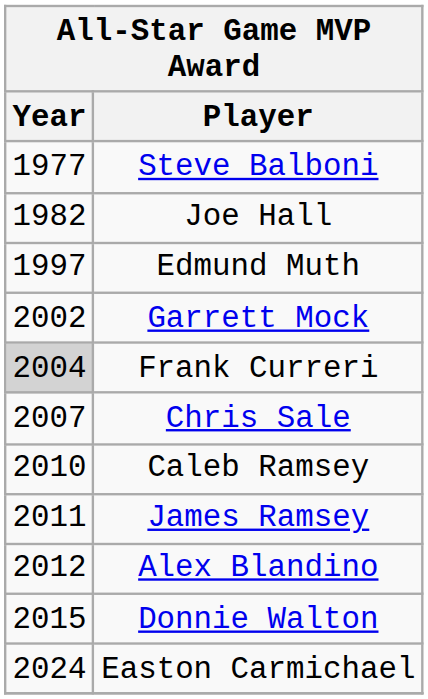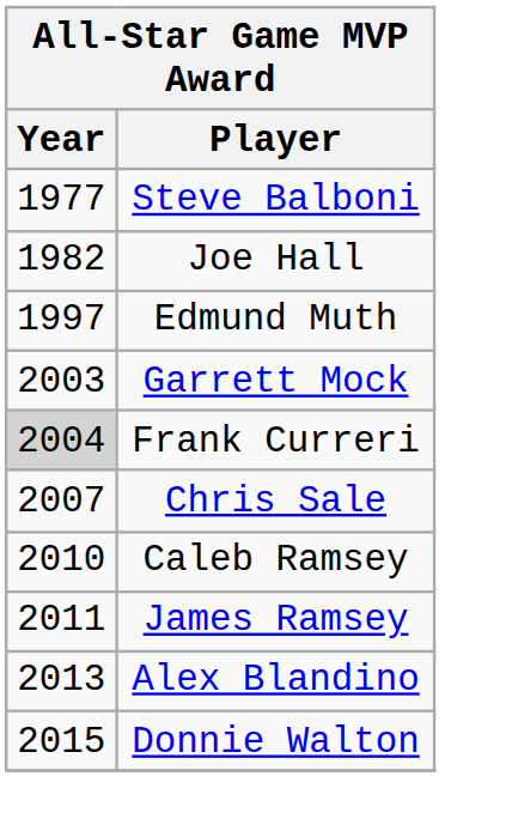 <table class="wikitable" style="display: inline-table; margin-right: 20px; text-align:center">
 <tr>
 <th scope="col" colspan="2" style="width: 145px;">All-Star Game MVP Award</th>
 </tr>
 <tr>
 <th scope="col">Year</th>
 <th scope="col">Player</th>
 </tr>
 <tr>
 <td>1977</td>
 <td><a href='#'>Steve Balboni</a></td>
 </tr>
 <tr>
 <td>1982</td>
 <td>Joe Hall</td>
 </tr>
 <tr>
 <td>1997</td>
 <td>Edmund Muth</td>
 </tr>
 <tr>
-<td>2002</td>
+<td>2003</td>
 <td><a href='#'>Garrett Mock</a></td>
 </tr>
 <tr>
 <td style="background: lightgrey;">2004</td>
 <td>Frank Curreri</td>
 </tr>
 <tr>
 <td>2007</td>
 <td><a href='#'>Chris Sale</a></td>
 </tr>
 <tr>
 <td>2010</td>
 <td>Caleb Ramsey</td>
 </tr>
 <tr>
 <td>2011</td>
 <td><a href='#'>James Ramsey</a></td>
 </tr>
 <tr>
-<td>2012</td>
+<td>2013</td>
 <td><a href='#'>Alex Blandino</a></td>
 </tr>
 <tr>
 <td>2015</td>
 <td><a href='#'>Donnie Walton</a></td>
 </tr>
 <tr>
-<td>2024</td>
-<td>Easton Carmichael</td>
-</tr>
-<tr>
 </tr>
 </table>
